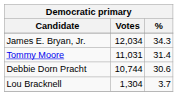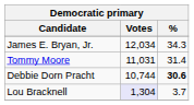 <table class="wikitable" align="left" style="margin: 1em 1em 1em 0; font-size: 95%;">
 <tr>
 <th colspan="3">Democratic primary</th>
 </tr>
 <tr>
 <th colspan="1" style="width: 170px">Candidate</th>
 <th style="width: 50px">Votes</th>
 <th style="width: 40px">%</th>
 </tr>
 <tr>
 </tr>
 <tr>
 <td>James E. Bryan, Jr.</td>
 <td align="right">12,034</td>
 <td align="right">34.3</td>
 </tr>
 <tr>
 <td><a href='#'>Tommy Moore</a></td>
 <td align="right">11,031</td>
 <td align="right">31.4</td>
 </tr>
 <tr>
 <td>Debbie Dorn Pracht</td>
 <td align="right">10,744</td>
-<td align="right">30.6</td>
+<td align="right"><strong>30.6</strong></td>
 </tr>
 <tr>
 <td>Lou Bracknell</td>
-<td align="right">1,304</td>
+<td align="right" style="background: lavender;">1,304</td>
 <td align="right">3.7</td>
 </tr>
 <tr>
 </tr>
 </table>
